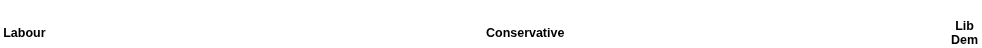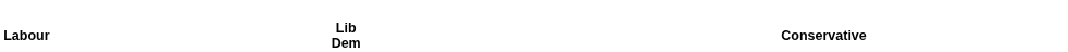 <table style="width:100%; text-align:center;">
 <tr style="color:white;">
 <td style="background:"><strong>61</strong></td>
+<td style="background:"><strong>6</strong></td>
 <td style="background:"><strong>8</strong></td>
-<td style="background:"><strong>6</strong></td>
 </tr>
 <tr>
 <td><span><strong>Labour</strong></span></td>
+<td><span><strong>Lib<br>Dem</strong></span></td>
 <td><span><strong>Conservative</strong></span></td>
-<td><span><strong>Lib<br>Dem</strong></span></td>
 </tr>
 </table>
